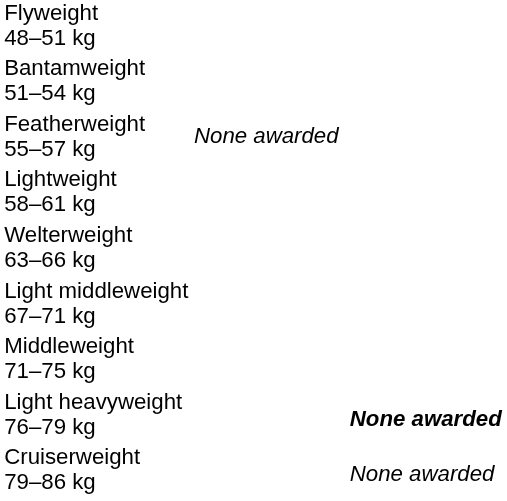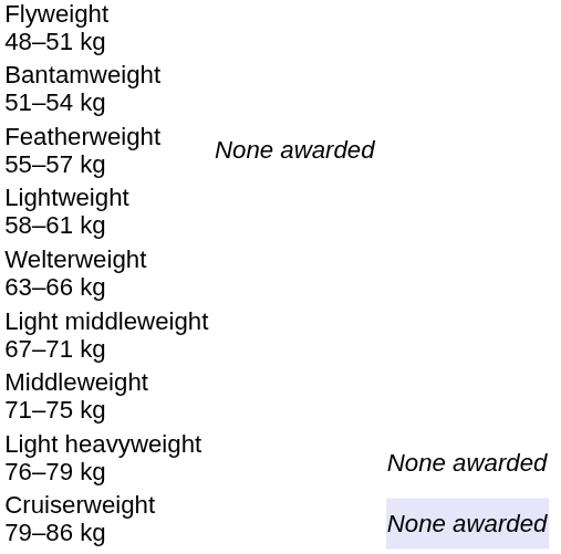 <table>
 <tr>
 <td rowspan=2>Flyweight<br>48–51 kg</td>
 <td rowspan=2></td>
 <td rowspan=2></td>
 <td></td>
 </tr>
 <tr>
 <td></td>
 </tr>
 <tr>
 <td rowspan=2>Bantamweight<br>51–54 kg</td>
 <td rowspan=2></td>
 <td rowspan=2></td>
 <td></td>
 </tr>
 <tr>
 <td></td>
 </tr>
 <tr>
 <td rowspan=2>Featherweight<br>55–57 kg</td>
 <td rowspan=2><em>None awarded</em></td>
 <td rowspan=2></td>
 <td></td>
 </tr>
 <tr>
 <td></td>
 </tr>
 <tr>
 <td rowspan=2>Lightweight<br>58–61 kg</td>
 <td rowspan=2></td>
 <td rowspan=2></td>
 <td></td>
 </tr>
 <tr>
 <td></td>
 </tr>
 <tr>
 <td rowspan=2>Welterweight<br>63–66 kg</td>
 <td rowspan=2></td>
 <td rowspan=2></td>
 <td></td>
 </tr>
 <tr>
 <td></td>
 </tr>
 <tr>
 <td rowspan=2>Light middleweight<br>67–71 kg</td>
 <td rowspan=2></td>
 <td rowspan=2></td>
 <td></td>
 </tr>
 <tr>
 <td></td>
 </tr>
 <tr>
 <td rowspan=2>Middleweight<br>71–75 kg</td>
 <td rowspan=2></td>
 <td rowspan=2></td>
 <td></td>
 </tr>
 <tr>
 <td></td>
 </tr>
 <tr>
 <td rowspan=2>Light heavyweight<br>76–79 kg</td>
 <td rowspan=2></td>
 <td rowspan=2></td>
 <td></td>
 </tr>
 <tr>
-<td><strong><em>None awarded</em></strong></td>
+<td><em>None awarded</em></td>
 </tr>
 <tr>
 <td rowspan=2>Cruiserweight<br>79–86 kg</td>
 <td rowspan=2></td>
 <td rowspan=2></td>
 <td></td>
 </tr>
 <tr>
-<td><em>None awarded</em></td>
+<td style="background: lavender;"><em>None awarded</em></td>
 </tr>
 </table>
